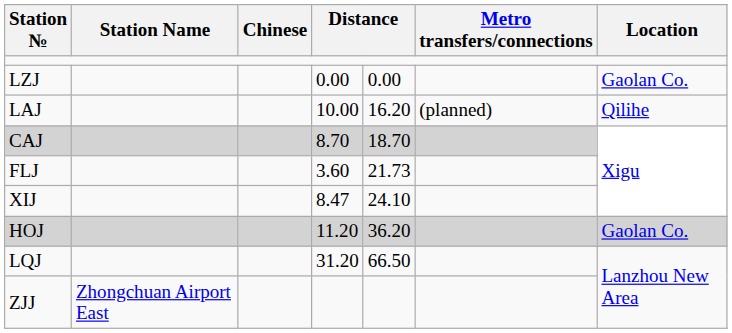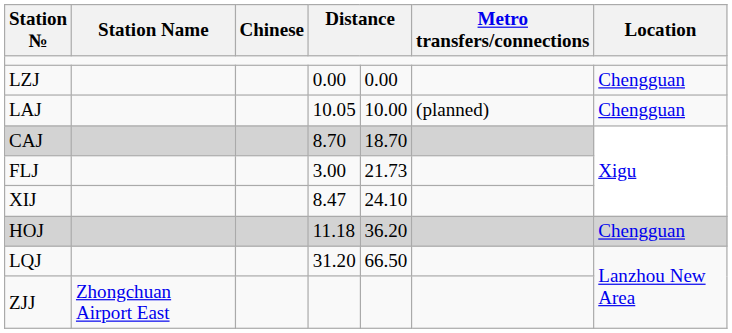 <table class="wikitable">
 <tr>
 <th>Station<br>№</th>
 <th>Station Name</th>
 <th>Chinese</th>
 <th colspan="2">Distance<br><br></th>
 <th><a href='#'>Metro</a><br>transfers/connections</th>
 <th colspan="1">Location</th>
 </tr>
 <tr style="background:#">
 <td colspan = "11"></td>
 </tr>
 <tr>
 <td>LZJ</td>
 <td></td>
 <td></td>
 <td>0.00</td>
 <td>0.00<br></td>
 <td></td>
-<td><a href='#'>Gaolan Co.</a></td>
+<td><a href='#'>Chengguan</a></td>
 </tr>
 <tr>
 <td>LAJ</td>
 <td> </td>
 <td></td>
-<td>10.00</td>
-<td>16.20<br></td>
+<td>10.05</td>
+<td>10.00<br></td>
 <td>   (planned)</td>
-<td><a href='#'>Qilihe</a></td>
+<td><a href='#'>Chengguan</a></td>
 </tr>
 <tr bgcolor="lightgrey">
 <td>CAJ</td>
 <td></td>
 <td></td>
 <td>8.70</td>
 <td>18.70<br></td>
 <td> </td>
 <td bgcolor="white" rowspan="3"><a href='#'>Xigu</a></td>
 </tr>
 <tr>
 <td>FLJ</td>
 <td></td>
 <td></td>
-<td>3.60</td>
+<td>3.00</td>
 <td>21.73<br></td>
 <td></td>
 </tr>
 <tr>
 <td>XIJ</td>
 <td></td>
 <td></td>
 <td>8.47</td>
 <td>24.10<br></td>
 <td></td>
 </tr>
 <tr bgcolor="lightgrey">
 <td>HOJ</td>
 <td></td>
 <td></td>
-<td>11.20</td>
+<td>11.18</td>
 <td>36.20<br></td>
 <td></td>
-<td><a href='#'>Gaolan Co.</a></td>
+<td><a href='#'>Chengguan</a></td>
 </tr>
 <tr>
 <td>LQJ</td>
 <td></td>
 <td></td>
 <td>31.20</td>
 <td>66.50<br></td>
 <td></td>
 <td rowspan="2"><a href='#'>Lanzhou New Area</a></td>
 </tr>
 <tr>
 <td>ZJJ</td>
 <td><a href='#'>Zhongchuan Airport East</a> </td>
 <td></td>
 <td></td>
 <td><br></td>
 <td></td>
 </tr>
 </table>
